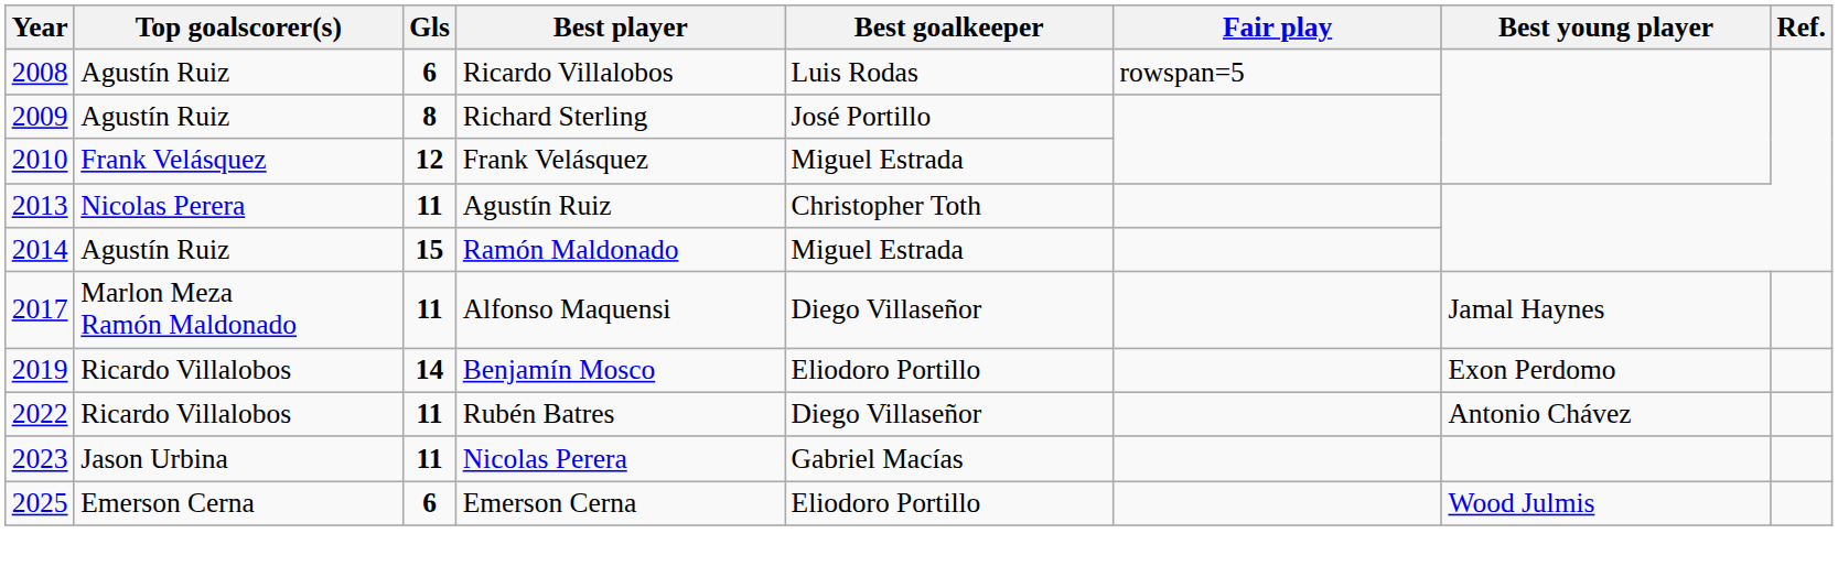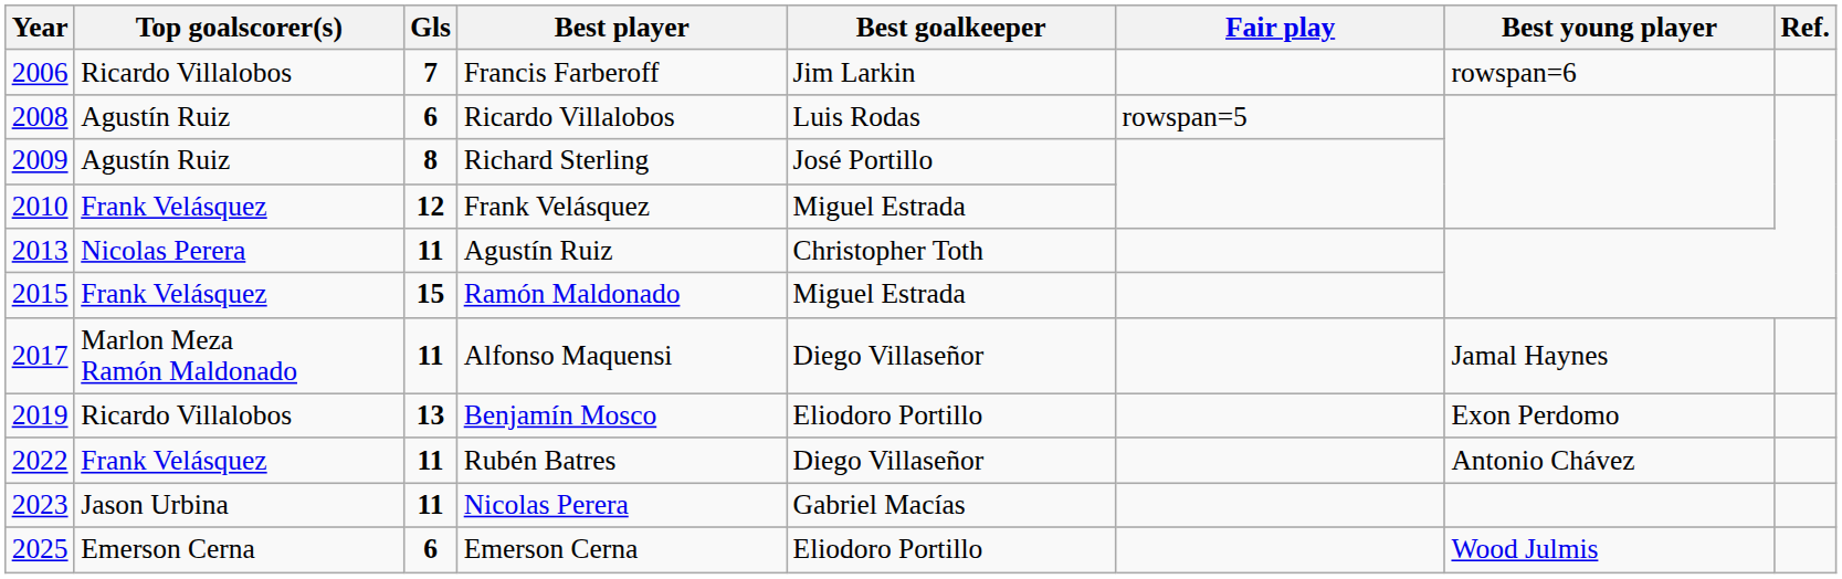 <table class="wikitable">
 <tr>
 <th>Year</th>
 <th width=180>Top goalscorer(s)</th>
 <th>Gls</th>
 <th width=180>Best player</th>
 <th width=180>Best goalkeeper</th>
 <th width=180><a href='#'>Fair play</a></th>
 <th width=180>Best young player</th>
 <th>Ref.</th>
+</tr>
+<tr>
+<td> <a href='#'>2006</a></td>
+<td> Ricardo Villalobos</td>
+<td align=center><strong>7</strong></td>
+<td> Francis Farberoff</td>
+<td> Jim Larkin</td>
+<td></td>
+<td>rowspan=6 </td>
+<td></td>
 </tr>
 <tr>
 <td> <a href='#'>2008</a></td>
 <td> Agustín Ruiz</td>
 <td align=center><strong>6</strong></td>
 <td> Ricardo Villalobos</td>
 <td> Luis Rodas</td>
 <td>rowspan=5 </td>
 <td rowspan=3></td>
 </tr>
 <tr>
 <td> <a href='#'>2009</a></td>
 <td> Agustín Ruiz</td>
 <td align=center><strong>8</strong></td>
 <td> Richard Sterling</td>
 <td> José Portillo</td>
 </tr>
 <tr>
 <td> <a href='#'>2010</a></td>
 <td> <a href='#'>Frank Velásquez</a></td>
 <td align=center><strong>12</strong></td>
 <td> Frank Velásquez</td>
 <td> Miguel Estrada</td>
 </tr>
 <tr>
 <td> <a href='#'>2013</a></td>
 <td> <a href='#'>Nicolas Perera</a></td>
 <td align=center><strong>11</strong></td>
 <td> Agustín Ruiz</td>
 <td> Christopher Toth</td>
 <td></td>
 </tr>
 <tr>
-<td> <a href='#'>2014</a></td>
-<td> Agustín Ruiz</td>
+<td> <a href='#'>2015</a></td>
+<td> <a href='#'>Frank Velásquez</a></td>
 <td align=center><strong>15</strong></td>
 <td> <a href='#'>Ramón Maldonado</a></td>
 <td> Miguel Estrada</td>
 <td></td>
 </tr>
 <tr>
 <td> <a href='#'>2017</a></td>
 <td> Marlon Meza<br> <a href='#'>Ramón Maldonado</a></td>
 <td align=center><strong>11</strong></td>
 <td> Alfonso Maquensi</td>
 <td> Diego Villaseñor</td>
 <td></td>
 <td> Jamal Haynes</td>
 <td></td>
 </tr>
 <tr>
 <td> <a href='#'>2019</a></td>
 <td> Ricardo Villalobos</td>
-<td align=center><strong>14</strong></td>
+<td align=center><strong>13</strong></td>
 <td> <a href='#'>Benjamín Mosco</a></td>
 <td> Eliodoro Portillo</td>
 <td></td>
 <td> Exon Perdomo</td>
 <td></td>
 </tr>
 <tr>
 <td> <a href='#'>2022</a></td>
-<td> Ricardo Villalobos</td>
+<td> <a href='#'>Frank Velásquez</a></td>
 <td align=center><strong>11</strong></td>
 <td> Rubén Batres</td>
 <td> Diego Villaseñor</td>
 <td></td>
 <td> Antonio Chávez</td>
 <td></td>
 </tr>
 <tr>
 <td> <a href='#'>2023</a></td>
 <td> Jason Urbina</td>
 <td align=center><strong>11</strong></td>
 <td> <a href='#'>Nicolas Perera</a></td>
 <td> Gabriel Macías</td>
 <td></td>
 <td></td>
 <td></td>
 </tr>
 <tr>
 <td> <a href='#'>2025</a></td>
 <td> Emerson Cerna</td>
 <td align=center><strong>6</strong></td>
 <td> Emerson Cerna</td>
 <td> Eliodoro Portillo</td>
 <td></td>
 <td> <a href='#'>Wood Julmis</a></td>
 <td></td>
 </tr>
 </table>
